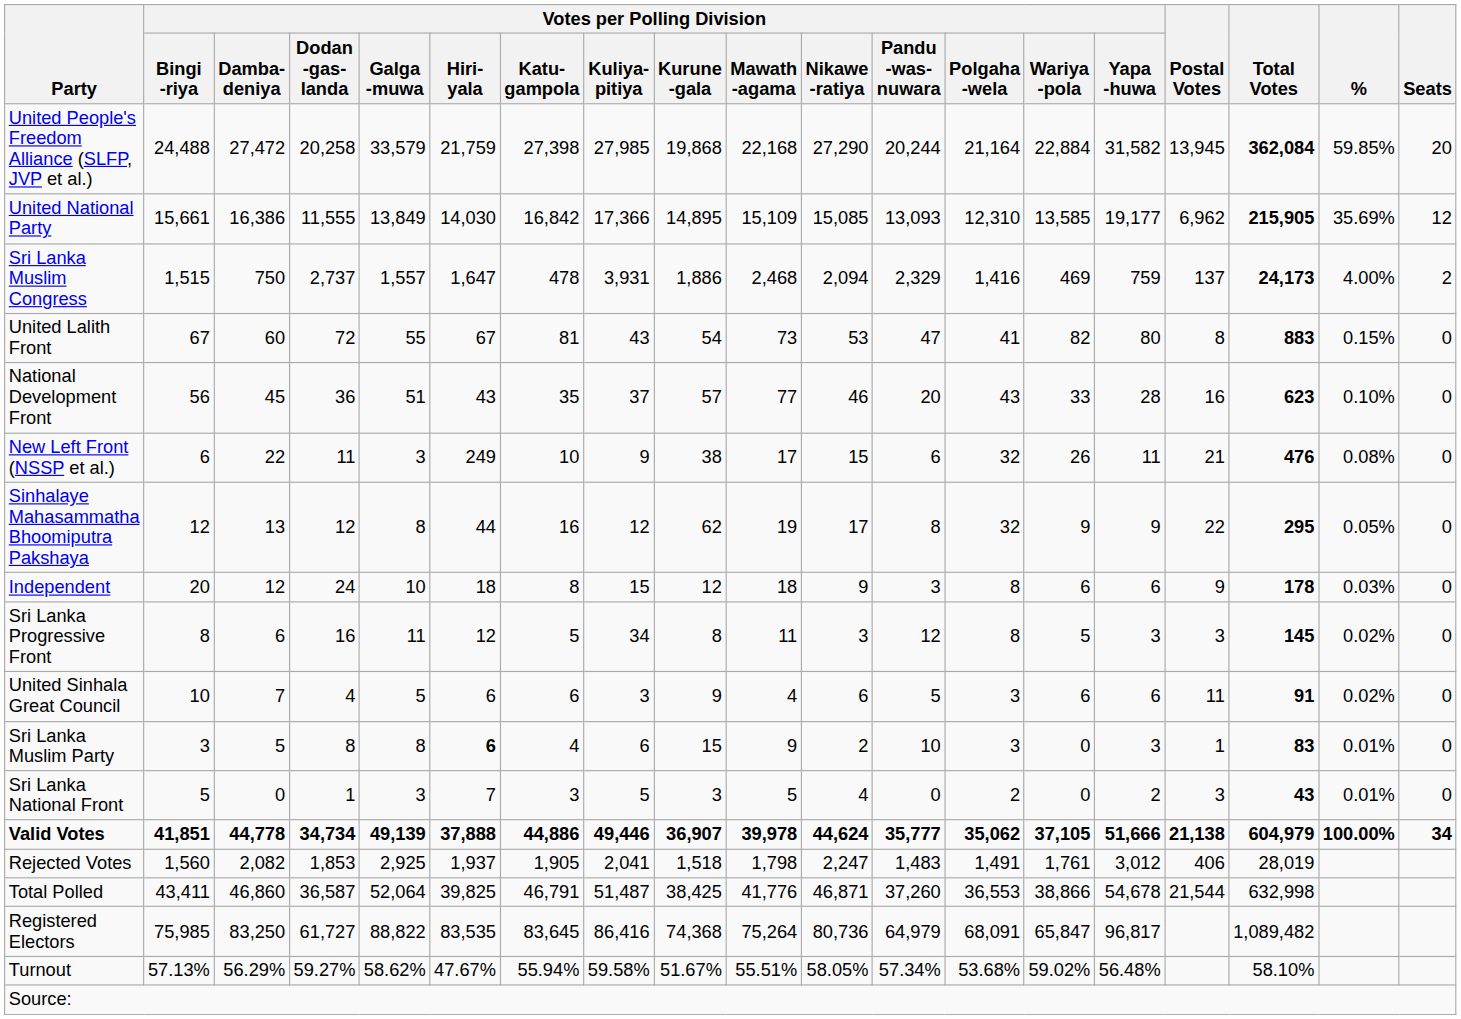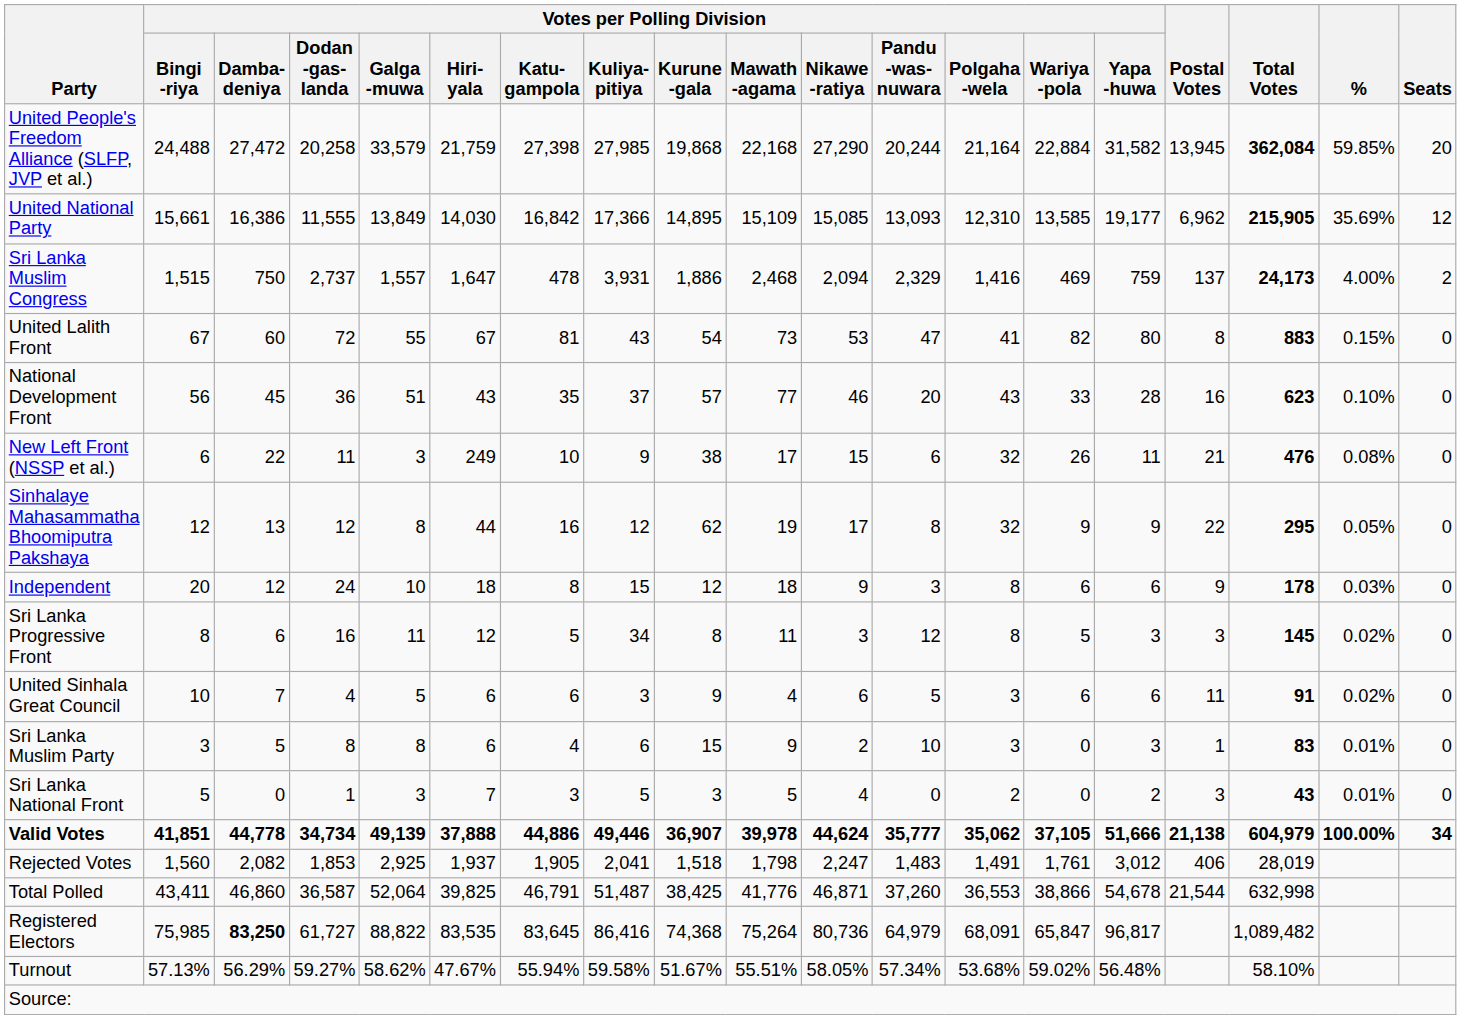 <table class="wikitable" border="1" style="text-align:right;">
 <tr>
 <th align=left valign=bottom rowspan=2 width="180">Party</th>
 <th colspan=14>Votes per Polling Division</th>
 <th align=center valign=bottom rowspan=2 width="50">Postal<br>Votes</th>
 <th align=center valign=bottom rowspan=2 width="50">Total Votes</th>
 <th align=center valign=bottom rowspan=2 width="50">%</th>
 <th align=center valign=bottom rowspan=2 width="40">Seats</th>
 </tr>
 <tr>
 <th align=center valign=bottom width="50">Bingi<br>-riya</th>
 <th align=center valign=bottom width="50">Damba-<br>deniya</th>
 <th align=center valign=bottom width="50">Dodan<br>-gas-<br>landa</th>
 <th align=center valign=bottom width="50">Galga<br>-muwa</th>
 <th align=center valign=bottom width="50">Hiri-<br>yala</th>
 <th align=center valign=bottom width="50">Katu-<br>gampola</th>
 <th align=center valign=bottom width="50">Kuliya-<br>pitiya</th>
 <th align=center valign=bottom width="50">Kurune<br>-gala</th>
 <th align=center valign=bottom width="50">Mawath<br>-agama</th>
 <th align=center valign=bottom width="50">Nikawe<br>-ratiya</th>
 <th align=center valign=bottom width="50">Pandu<br>-was-<br>nuwara</th>
 <th align=center valign=bottom width="50">Polgaha<br>-wela</th>
 <th align=center valign=bottom width="50">Wariya<br>-pola</th>
 <th align=center valign=bottom width="50">Yapa<br>-huwa</th>
 </tr>
 <tr>
 <td align=left><a href='#'>United People's Freedom Alliance</a> (<a href='#'>SLFP</a>, <a href='#'>JVP</a> et al.)</td>
 <td>24,488</td>
 <td>27,472</td>
 <td>20,258</td>
 <td>33,579</td>
 <td>21,759</td>
 <td>27,398</td>
 <td>27,985</td>
 <td>19,868</td>
 <td>22,168</td>
 <td>27,290</td>
 <td>20,244</td>
 <td>21,164</td>
 <td>22,884</td>
 <td>31,582</td>
 <td>13,945</td>
 <td><strong>362,084</strong></td>
 <td>59.85%</td>
 <td>20</td>
 </tr>
 <tr>
 <td align=left><a href='#'>United National Party</a></td>
 <td>15,661</td>
 <td>16,386</td>
 <td>11,555</td>
 <td>13,849</td>
 <td>14,030</td>
 <td>16,842</td>
 <td>17,366</td>
 <td>14,895</td>
 <td>15,109</td>
 <td>15,085</td>
 <td>13,093</td>
 <td>12,310</td>
 <td>13,585</td>
 <td>19,177</td>
 <td>6,962</td>
 <td><strong>215,905</strong></td>
 <td>35.69%</td>
 <td>12</td>
 </tr>
 <tr>
 <td align=left><a href='#'>Sri Lanka Muslim Congress</a></td>
 <td>1,515</td>
 <td>750</td>
 <td>2,737</td>
 <td>1,557</td>
 <td>1,647</td>
 <td>478</td>
 <td>3,931</td>
 <td>1,886</td>
 <td>2,468</td>
 <td>2,094</td>
 <td>2,329</td>
 <td>1,416</td>
 <td>469</td>
 <td>759</td>
 <td>137</td>
 <td><strong>24,173</strong></td>
 <td>4.00%</td>
 <td>2</td>
 </tr>
 <tr>
 <td align=left>United Lalith Front</td>
 <td>67</td>
 <td>60</td>
 <td>72</td>
 <td>55</td>
 <td>67</td>
 <td>81</td>
 <td>43</td>
 <td>54</td>
 <td>73</td>
 <td>53</td>
 <td>47</td>
 <td>41</td>
 <td>82</td>
 <td>80</td>
 <td>8</td>
 <td><strong>883</strong></td>
 <td>0.15%</td>
 <td>0</td>
 </tr>
 <tr>
 <td align=left>National Development Front</td>
 <td>56</td>
 <td>45</td>
 <td>36</td>
 <td>51</td>
 <td>43</td>
 <td>35</td>
 <td>37</td>
 <td>57</td>
 <td>77</td>
 <td>46</td>
 <td>20</td>
 <td>43</td>
 <td>33</td>
 <td>28</td>
 <td>16</td>
 <td><strong>623</strong></td>
 <td>0.10%</td>
 <td>0</td>
 </tr>
 <tr>
 <td align=left><a href='#'>New Left Front</a> (<a href='#'>NSSP</a> et al.)</td>
 <td>6</td>
 <td>22</td>
 <td>11</td>
 <td>3</td>
 <td>249</td>
 <td>10</td>
 <td>9</td>
 <td>38</td>
 <td>17</td>
 <td>15</td>
 <td>6</td>
 <td>32</td>
 <td>26</td>
 <td>11</td>
 <td>21</td>
 <td><strong>476</strong></td>
 <td>0.08%</td>
 <td>0</td>
 </tr>
 <tr>
 <td align=left><a href='#'>Sinhalaye Mahasammatha Bhoomiputra Pakshaya</a></td>
 <td>12</td>
 <td>13</td>
 <td>12</td>
 <td>8</td>
 <td>44</td>
 <td>16</td>
 <td>12</td>
 <td>62</td>
 <td>19</td>
 <td>17</td>
 <td>8</td>
 <td>32</td>
 <td>9</td>
 <td>9</td>
 <td>22</td>
 <td><strong>295</strong></td>
 <td>0.05%</td>
 <td>0</td>
 </tr>
 <tr>
 <td align=left><a href='#'>Independent</a></td>
 <td>20</td>
 <td>12</td>
 <td>24</td>
 <td>10</td>
 <td>18</td>
 <td>8</td>
 <td>15</td>
 <td>12</td>
 <td>18</td>
 <td>9</td>
 <td>3</td>
 <td>8</td>
 <td>6</td>
 <td>6</td>
 <td>9</td>
 <td><strong>178</strong></td>
 <td>0.03%</td>
 <td>0</td>
 </tr>
 <tr>
 <td align=left>Sri Lanka Progressive Front</td>
 <td>8</td>
 <td>6</td>
 <td>16</td>
 <td>11</td>
 <td>12</td>
 <td>5</td>
 <td>34</td>
 <td>8</td>
 <td>11</td>
 <td>3</td>
 <td>12</td>
 <td>8</td>
 <td>5</td>
 <td>3</td>
 <td>3</td>
 <td><strong>145</strong></td>
 <td>0.02%</td>
 <td>0</td>
 </tr>
 <tr>
 <td align=left>United Sinhala Great Council</td>
 <td>10</td>
 <td>7</td>
 <td>4</td>
 <td>5</td>
 <td>6</td>
 <td>6</td>
 <td>3</td>
 <td>9</td>
 <td>4</td>
 <td>6</td>
 <td>5</td>
 <td>3</td>
 <td>6</td>
 <td>6</td>
 <td>11</td>
 <td><strong>91</strong></td>
 <td>0.02%</td>
 <td>0</td>
 </tr>
 <tr>
 <td align=left>Sri Lanka Muslim Party</td>
 <td>3</td>
 <td>5</td>
 <td>8</td>
 <td>8</td>
-<td><strong>6</strong></td>
+<td>6</td>
 <td>4</td>
 <td>6</td>
 <td>15</td>
 <td>9</td>
 <td>2</td>
 <td>10</td>
 <td>3</td>
 <td>0</td>
 <td>3</td>
 <td>1</td>
 <td><strong>83</strong></td>
 <td>0.01%</td>
 <td>0</td>
 </tr>
 <tr>
 <td align=left>Sri Lanka National Front</td>
 <td>5</td>
 <td>0</td>
 <td>1</td>
 <td>3</td>
 <td>7</td>
 <td>3</td>
 <td>5</td>
 <td>3</td>
 <td>5</td>
 <td>4</td>
 <td>0</td>
 <td>2</td>
 <td>0</td>
 <td>2</td>
 <td>3</td>
 <td><strong>43</strong></td>
 <td>0.01%</td>
 <td>0</td>
 </tr>
 <tr>
 <td align=left><strong>Valid Votes</strong></td>
 <td><strong>41,851</strong></td>
 <td><strong>44,778</strong></td>
 <td><strong>34,734</strong></td>
 <td><strong>49,139</strong></td>
 <td><strong>37,888</strong></td>
 <td><strong>44,886</strong></td>
 <td><strong>49,446</strong></td>
 <td><strong>36,907</strong></td>
 <td><strong>39,978</strong></td>
 <td><strong>44,624</strong></td>
 <td><strong>35,777</strong></td>
 <td><strong>35,062</strong></td>
 <td><strong>37,105</strong></td>
 <td><strong>51,666</strong></td>
 <td><strong>21,138</strong></td>
 <td><strong>604,979</strong></td>
 <td><strong>100.00%</strong></td>
 <td><strong>34</strong></td>
 </tr>
 <tr>
 <td align=left>Rejected Votes</td>
 <td>1,560</td>
 <td>2,082</td>
 <td>1,853</td>
 <td>2,925</td>
 <td>1,937</td>
 <td>1,905</td>
 <td>2,041</td>
 <td>1,518</td>
 <td>1,798</td>
 <td>2,247</td>
 <td>1,483</td>
 <td>1,491</td>
 <td>1,761</td>
 <td>3,012</td>
 <td>406</td>
 <td>28,019</td>
 <td></td>
 <td></td>
 </tr>
 <tr>
 <td align=left>Total Polled</td>
 <td>43,411</td>
 <td>46,860</td>
 <td>36,587</td>
 <td>52,064</td>
 <td>39,825</td>
 <td>46,791</td>
 <td>51,487</td>
 <td>38,425</td>
 <td>41,776</td>
 <td>46,871</td>
 <td>37,260</td>
 <td>36,553</td>
 <td>38,866</td>
 <td>54,678</td>
 <td>21,544</td>
 <td>632,998</td>
 <td></td>
 <td></td>
 </tr>
 <tr>
 <td align=left>Registered Electors</td>
 <td>75,985</td>
-<td>83,250</td>
+<td><strong>83,250</strong></td>
 <td>61,727</td>
 <td>88,822</td>
 <td>83,535</td>
 <td>83,645</td>
 <td>86,416</td>
 <td>74,368</td>
 <td>75,264</td>
 <td>80,736</td>
 <td>64,979</td>
 <td>68,091</td>
 <td>65,847</td>
 <td>96,817</td>
 <td></td>
 <td>1,089,482</td>
 <td></td>
 <td></td>
 </tr>
 <tr>
 <td align=left>Turnout</td>
 <td>57.13%</td>
 <td>56.29%</td>
 <td>59.27%</td>
 <td>58.62%</td>
 <td>47.67%</td>
 <td>55.94%</td>
 <td>59.58%</td>
 <td>51.67%</td>
 <td>55.51%</td>
 <td>58.05%</td>
 <td>57.34%</td>
 <td>53.68%</td>
 <td>59.02%</td>
 <td>56.48%</td>
 <td></td>
 <td>58.10%</td>
 <td></td>
 <td></td>
 </tr>
 <tr>
 <td align=left colspan=20>Source:</td>
 </tr>
 </table>
